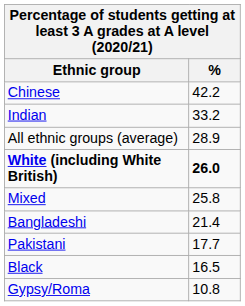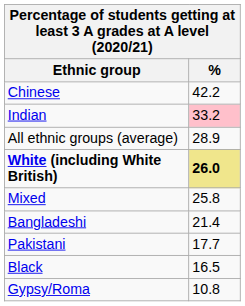 <table class="wikitable sortable">
 <tr>
 <th colspan="3">Percentage of students getting at least 3 A grades at A level (2020/21)</th>
 </tr>
 <tr>
 <th width=200>Ethnic group</th>
 <th width=50>%</th>
 </tr>
 <tr>
 <td><a href='#'>Chinese</a></td>
 <td>42.2</td>
 </tr>
 <tr>
 <td><a href='#'>Indian</a></td>
-<td>33.2</td>
+<td style="background: pink;">33.2</td>
 </tr>
 <tr>
 <td>All ethnic groups (average)</td>
 <td>28.9</td>
 </tr>
 <tr>
 <td><strong><a href='#'>White</a> (including White British)</strong></td>
-<td><strong>26.0</strong></td>
+<td style="background: khaki;"><strong>26.0</strong></td>
 </tr>
 <tr>
 <td><a href='#'>Mixed</a></td>
 <td>25.8</td>
 </tr>
 <tr>
 <td><a href='#'>Bangladeshi</a></td>
 <td>21.4</td>
 </tr>
 <tr>
 <td><a href='#'>Pakistani</a></td>
 <td>17.7</td>
 </tr>
 <tr>
 <td><a href='#'>Black</a></td>
 <td>16.5</td>
 </tr>
 <tr>
 <td><a href='#'>Gypsy/Roma</a></td>
 <td>10.8</td>
 </tr>
 </table>
